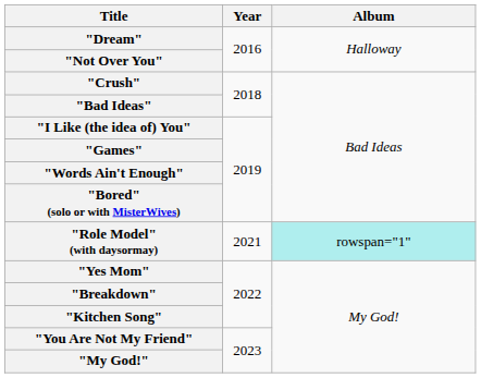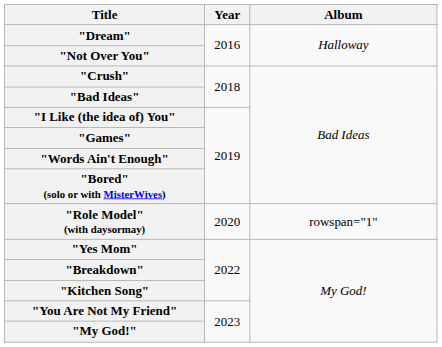 <table class="wikitable plainrowheaders" style="text-align:center;">
 <tr>
 <th scope="col" rowspan="1" style="width:15em;">Title</th>
 <th scope="col" rowspan="1" style="width:3em;">Year</th>
 <th scope="col" rowspan="1" style="width:14em;">Album</th>
 </tr>
 <tr>
 <th scope="row">"Dream"</th>
 <td rowspan="2">2016</td>
 <td rowspan="2"><em>Halloway</em></td>
 </tr>
 <tr>
 <th scope="row">"Not Over You"</th>
 </tr>
 <tr>
 <th scope="row">"Crush"</th>
 <td rowspan="2">2018</td>
 <td rowspan="6"><em>Bad Ideas</em></td>
 </tr>
 <tr>
 <th scope="row">"Bad Ideas"</th>
 </tr>
 <tr>
 <th scope="row">"I Like (the idea of) You"</th>
 <td rowspan="4">2019</td>
 </tr>
 <tr>
 <th scope="row">"Games"<br></th>
 </tr>
 <tr>
 <th scope="row">"Words Ain't Enough"<br></th>
 </tr>
 <tr>
 <th scope="row">"Bored"<br><small>(solo or with <a href='#'>MisterWives</a>)</small></th>
 </tr>
 <tr>
 <th scope="row">"Role Model"<br><small>(with daysormay)</small></th>
-<td>2021</td>
-<td style="background: paleturquoise;">rowspan="1" </td>
+<td>2020</td>
+<td>rowspan="1" </td>
 </tr>
 <tr>
 <th scope="row">"Yes Mom"<br></th>
 <td rowspan="3">2022</td>
 <td rowspan="5"><em>My God!</em></td>
 </tr>
 <tr>
 <th scope="row">"Breakdown"<br></th>
 </tr>
 <tr>
 <th scope="row">"Kitchen Song"<br></th>
 </tr>
 <tr>
 <th scope="row">"You Are Not My Friend"</th>
 <td rowspan="2">2023</td>
 </tr>
 <tr>
 <th scope="row">"My God!"</th>
 </tr>
 </table>
